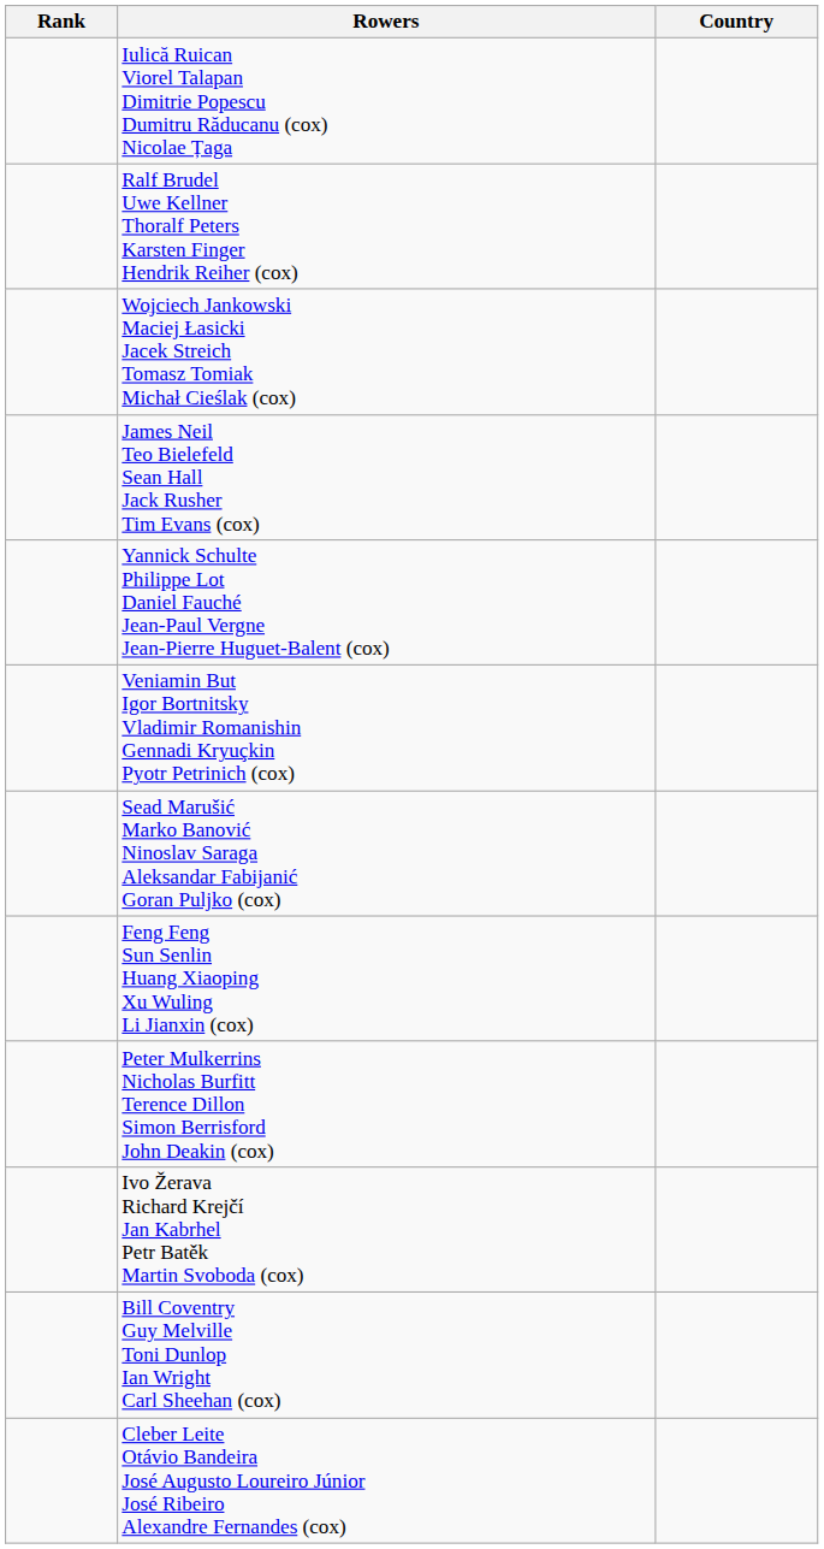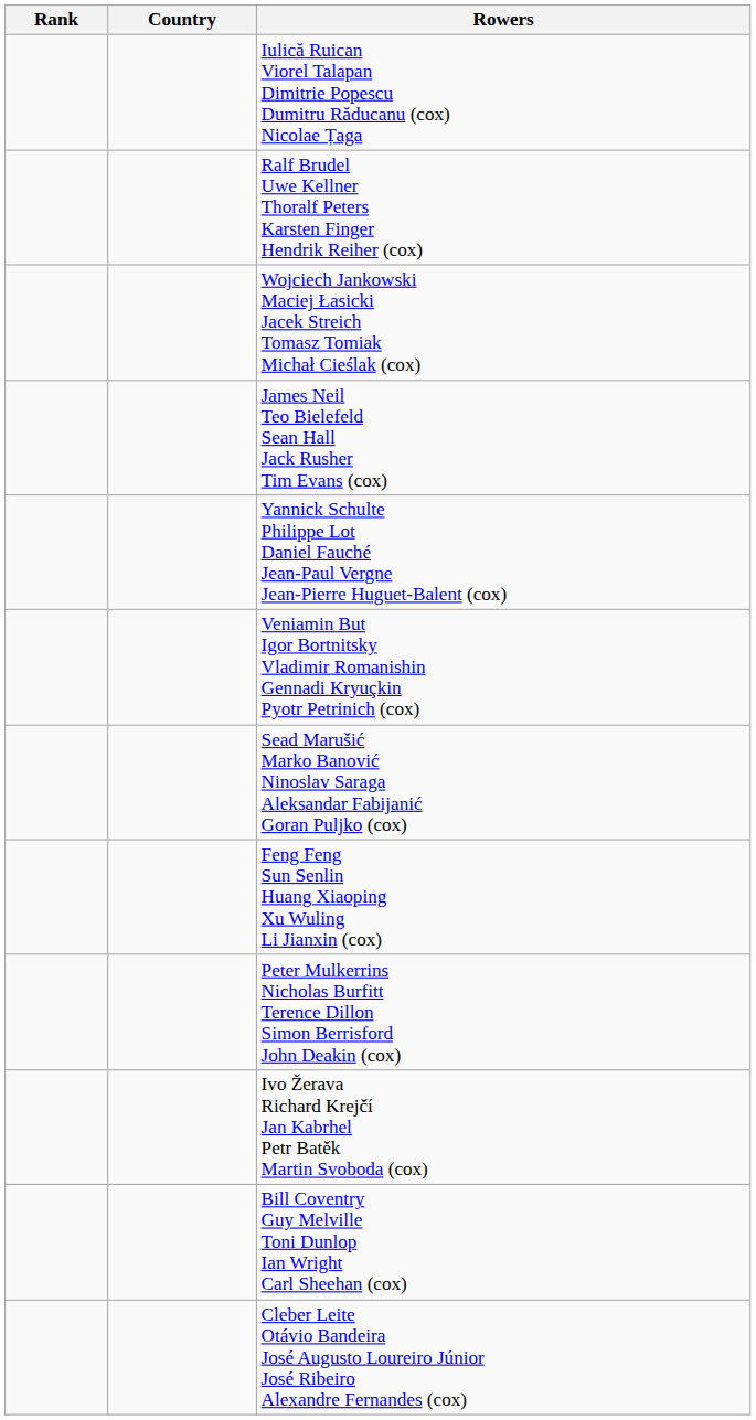 <table class="wikitable" width=50%>
 <tr>
 <th>Rank</th>
+<th>Country</th>
 <th>Rowers</th>
-<th>Country</th>
 </tr>
 <tr>
 <td></td>
+<td></td>
 <td><a href='#'>Iulică Ruican</a><br><a href='#'>Viorel Talapan</a><br><a href='#'>Dimitrie Popescu</a><br><a href='#'>Dumitru Răducanu</a> (cox)<br><a href='#'>Nicolae Țaga</a></td>
-<td></td>
 </tr>
 <tr>
 <td></td>
+<td></td>
 <td><a href='#'>Ralf Brudel</a><br><a href='#'>Uwe Kellner</a><br><a href='#'>Thoralf Peters</a><br><a href='#'>Karsten Finger</a><br><a href='#'>Hendrik Reiher</a> (cox)</td>
-<td></td>
 </tr>
 <tr>
 <td></td>
+<td></td>
 <td><a href='#'>Wojciech Jankowski</a><br><a href='#'>Maciej Łasicki</a><br><a href='#'>Jacek Streich</a><br><a href='#'>Tomasz Tomiak</a><br><a href='#'>Michał Cieślak</a> (cox)</td>
-<td></td>
 </tr>
 <tr>
 <td></td>
+<td></td>
 <td><a href='#'>James Neil</a><br><a href='#'>Teo Bielefeld</a><br><a href='#'>Sean Hall</a><br><a href='#'>Jack Rusher</a><br><a href='#'>Tim Evans</a> (cox)</td>
-<td></td>
 </tr>
 <tr>
 <td></td>
+<td></td>
 <td><a href='#'>Yannick Schulte</a><br><a href='#'>Philippe Lot</a><br><a href='#'>Daniel Fauché</a><br><a href='#'>Jean-Paul Vergne</a><br><a href='#'>Jean-Pierre Huguet-Balent</a> (cox)</td>
-<td></td>
 </tr>
 <tr>
 <td></td>
+<td></td>
 <td><a href='#'>Veniamin But</a><br><a href='#'>Igor Bortnitsky</a><br><a href='#'>Vladimir Romanishin</a><br><a href='#'>Gennadi Kryuçkin</a><br><a href='#'>Pyotr Petrinich</a> (cox)</td>
-<td></td>
 </tr>
 <tr>
 <td></td>
+<td></td>
 <td><a href='#'>Sead Marušić</a><br><a href='#'>Marko Banović</a><br><a href='#'>Ninoslav Saraga</a><br><a href='#'>Aleksandar Fabijanić</a><br><a href='#'>Goran Puljko</a> (cox)</td>
-<td></td>
 </tr>
 <tr>
 <td></td>
+<td></td>
 <td><a href='#'>Feng Feng</a><br><a href='#'>Sun Senlin</a><br><a href='#'>Huang Xiaoping</a><br><a href='#'>Xu Wuling</a><br><a href='#'>Li Jianxin</a> (cox)</td>
-<td></td>
 </tr>
 <tr>
 <td></td>
+<td></td>
 <td><a href='#'>Peter Mulkerrins</a><br><a href='#'>Nicholas Burfitt</a><br><a href='#'>Terence Dillon</a><br><a href='#'>Simon Berrisford</a><br><a href='#'>John Deakin</a> (cox)</td>
-<td></td>
 </tr>
 <tr>
 <td></td>
+<td></td>
 <td>Ivo Žerava<br>Richard Krejčí<br><a href='#'>Jan Kabrhel</a><br>Petr Batěk<br><a href='#'>Martin Svoboda</a> (cox)</td>
-<td></td>
 </tr>
 <tr>
 <td></td>
+<td></td>
 <td><a href='#'>Bill Coventry</a><br><a href='#'>Guy Melville</a><br><a href='#'>Toni Dunlop</a><br><a href='#'>Ian Wright</a><br><a href='#'>Carl Sheehan</a> (cox)</td>
-<td></td>
 </tr>
 <tr>
 <td></td>
+<td></td>
 <td><a href='#'>Cleber Leite</a><br><a href='#'>Otávio Bandeira</a><br><a href='#'>José Augusto Loureiro Júnior</a><br><a href='#'>José Ribeiro</a><br><a href='#'>Alexandre Fernandes</a> (cox)</td>
-<td></td>
 </tr>
 </table>
